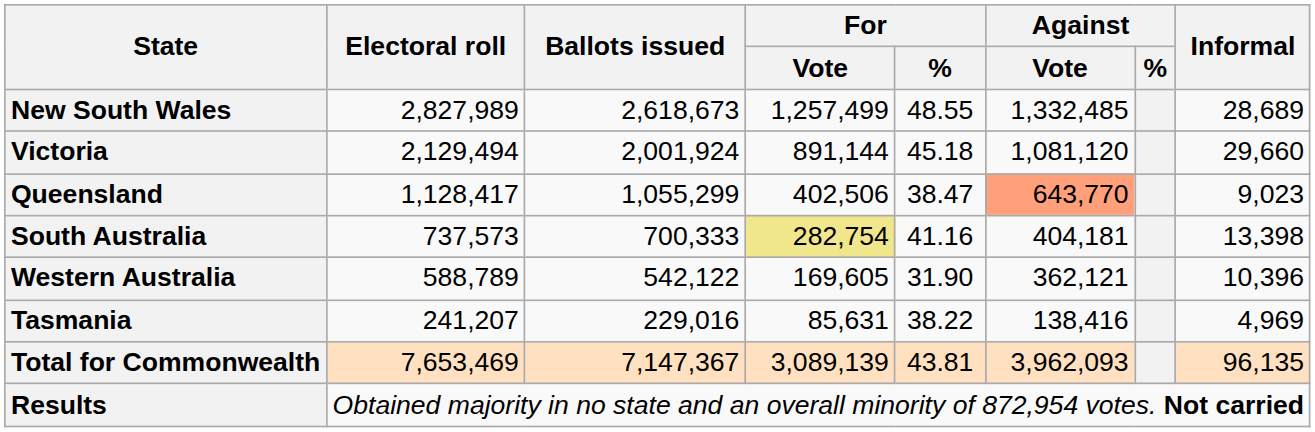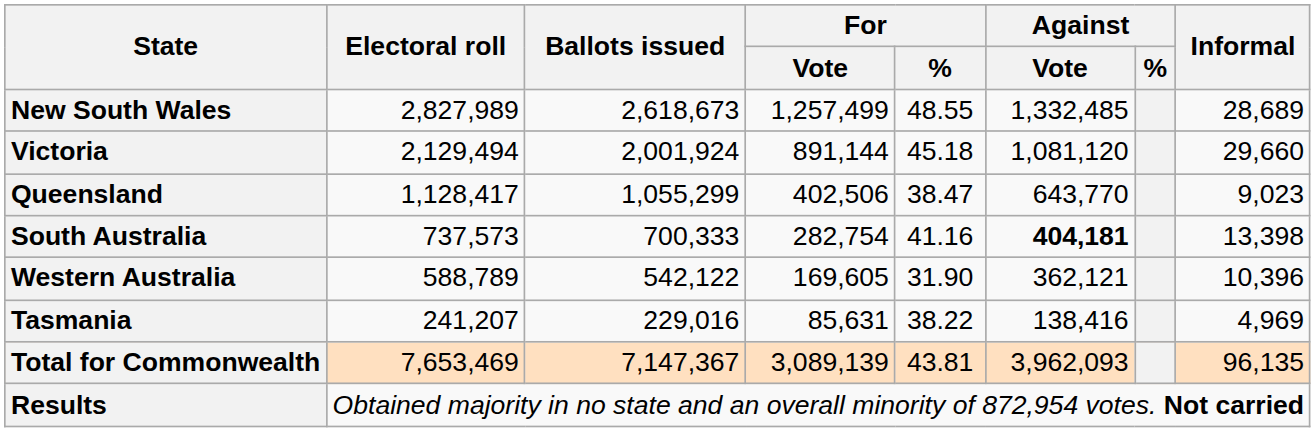 <table class="wikitable">
 <tr align=center>
 <th rowspan="2">State</th>
 <th rowspan="2">Electoral roll</th>
 <th rowspan="2">Ballots issued</th>
 <th align=center colspan="2">For</th>
 <th align=center colspan="2">Against</th>
 <th align=center rowspan="2">Informal</th>
 </tr>
 <tr>
 <th align=center>Vote</th>
 <th align=center>%</th>
 <th align=center>Vote</th>
 <th align=center>%</th>
 </tr>
 <tr align="right">
 <th style="text-align:left;">New South Wales</th>
 <td>2,827,989</td>
 <td>2,618,673</td>
 <td>1,257,499</td>
 <td align="center">48.55</td>
 <td>1,332,485</td>
 <th></th>
 <td>28,689</td>
 </tr>
 <tr align="right">
 <th style="text-align:left;">Victoria</th>
 <td>2,129,494</td>
 <td>2,001,924</td>
 <td>891,144</td>
 <td align="center">45.18</td>
 <td>1,081,120</td>
 <th></th>
 <td>29,660</td>
 </tr>
 <tr align="right">
 <th style="text-align:left;">Queensland</th>
 <td>1,128,417</td>
 <td>1,055,299</td>
 <td>402,506</td>
 <td align="center">38.47</td>
-<td style="background: lightsalmon;">643,770</td>
+<td>643,770</td>
 <th></th>
 <td>9,023</td>
 </tr>
 <tr align="right">
 <th style="text-align:left;">South Australia</th>
 <td>737,573</td>
 <td>700,333</td>
-<td style="background: khaki;">282,754</td>
+<td>282,754</td>
 <td align="center">41.16</td>
-<td>404,181</td>
+<td><strong>404,181</strong></td>
 <th></th>
 <td>13,398</td>
 </tr>
 <tr align="right">
 <th style="text-align:left;">Western Australia</th>
 <td>588,789</td>
 <td>542,122</td>
 <td>169,605</td>
 <td align="center">31.90</td>
 <td>362,121</td>
 <th></th>
 <td>10,396</td>
 </tr>
 <tr align="right">
 <th style="text-align:left;">Tasmania</th>
 <td>241,207</td>
 <td>229,016</td>
 <td>85,631</td>
 <td align="center">38.22</td>
 <td>138,416</td>
 <th></th>
 <td>4,969</td>
 </tr>
 <tr bgcolor="#FFE0C0" align="right">
 <th style="text-align:left">Total for Commonwealth</th>
 <td>7,653,469</td>
 <td>7,147,367</td>
 <td>3,089,139</td>
 <td align="center">43.81</td>
 <td>3,962,093</td>
 <th></th>
 <td>96,135</td>
 </tr>
 <tr>
 <th style="text-align:left;">Results</th>
 <td colSpan="8"><em>Obtained majority in no state and an overall minority of 872,954 votes.</em> <strong>Not carried</strong></td>
 </tr>
 </table>
